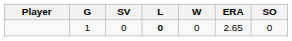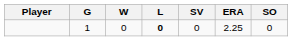 <table class="wikitable sortable">
 <tr>
 <th bgcolor="#DDDDFF" width="16%">Player</th>
 <th bgcolor="#DDDDFF" width="9%">G</th>
+<th bgcolor="#DDDDFF" width="9%">W</th>
+<th bgcolor="#DDDDFF" width="9%">L</th>
 <th bgcolor="#DDDDFF" width="9%">SV</th>
-<th bgcolor="#DDDDFF" width="9%">L</th>
-<th bgcolor="#DDDDFF" width="9%">W</th>
 <th bgcolor="#DDDDFF" width="9%">ERA</th>
 <th bgcolor="#DDDDFF" width="9%">SO</th>
 </tr>
 <tr align="center">
 <td></td>
 <td>1</td>
 <td>0</td>
 <td><strong>0</strong></td>
 <td>0</td>
-<td>2.65</td>
+<td>2.25</td>
 <td>0</td>
 </tr>
 </table>
